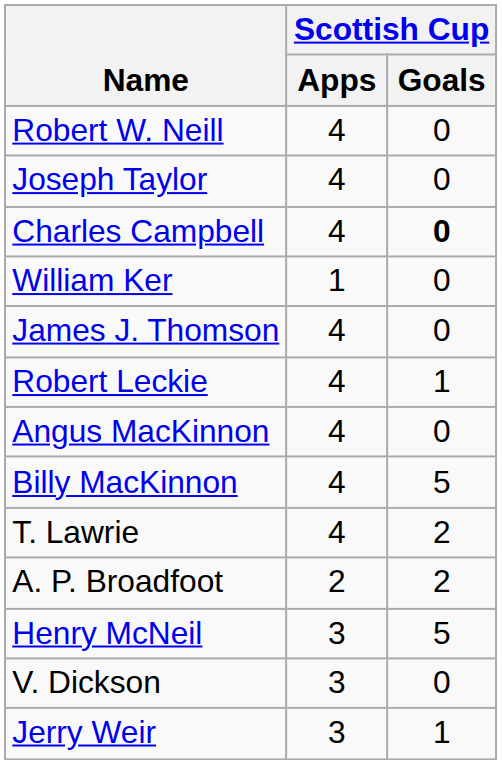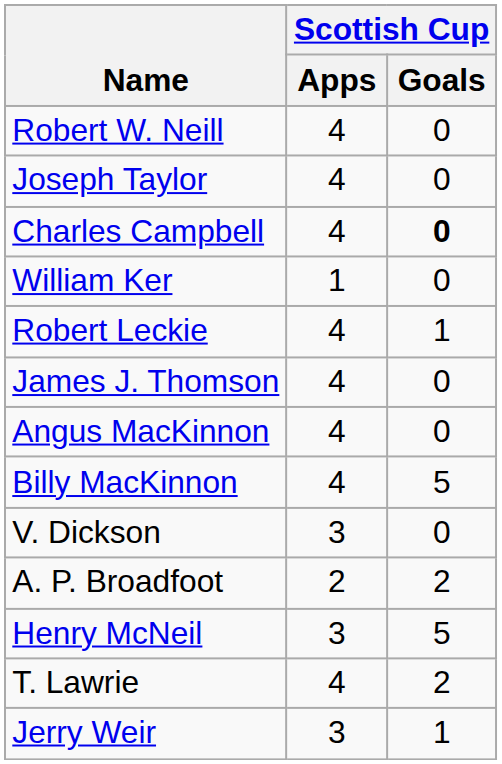 <table class="wikitable" style="text-align:center">
 <tr>
 <th rowspan="2" valign="bottom">Name</th>
 <th colspan="2"><a href='#'>Scottish Cup</a></th>
 </tr>
 <tr>
 <th>Apps</th>
 <th>Goals</th>
 </tr>
 <tr>
 <td align="left"><a href='#'>Robert W. Neill</a></td>
 <td>4</td>
 <td>0</td>
 </tr>
 <tr>
 <td align="left"><a href='#'>Joseph Taylor</a></td>
 <td>4</td>
 <td>0</td>
 </tr>
 <tr>
 <td align="left"><a href='#'>Charles Campbell</a></td>
 <td>4</td>
 <td><strong>0</strong></td>
 </tr>
 <tr>
 <td align="left"><a href='#'>William Ker</a></td>
 <td>1</td>
 <td>0</td>
 </tr>
 <tr>
+<td align="left"><a href='#'>Robert Leckie</a></td>
+<td>4</td>
+<td>1</td>
+</tr>
+<tr>
 <td align="left"><a href='#'>James J. Thomson</a></td>
 <td>4</td>
 <td>0</td>
-</tr>
-<tr>
-<td align="left"><a href='#'>Robert Leckie</a></td>
-<td>4</td>
-<td>1</td>
 </tr>
 <tr>
 <td align="left"><a href='#'>Angus MacKinnon</a></td>
 <td>4</td>
 <td>0</td>
 </tr>
 <tr>
 <td align="left"><a href='#'>Billy MacKinnon</a></td>
 <td>4</td>
 <td>5</td>
 </tr>
 <tr>
-<td align="left">T. Lawrie</td>
-<td>4</td>
-<td>2</td>
+<td align="left">V. Dickson</td>
+<td>3</td>
+<td>0</td>
 </tr>
 <tr>
 <td align="left">A. P. Broadfoot</td>
 <td>2</td>
 <td>2</td>
 </tr>
 <tr>
 <td align="left"><a href='#'>Henry McNeil</a></td>
 <td>3</td>
 <td>5</td>
 </tr>
 <tr>
-<td align="left">V. Dickson</td>
-<td>3</td>
-<td>0</td>
+<td align="left">T. Lawrie</td>
+<td>4</td>
+<td>2</td>
 </tr>
 <tr>
 <td align="left"><a href='#'>Jerry Weir</a></td>
 <td>3</td>
 <td>1</td>
 </tr>
 </table>
